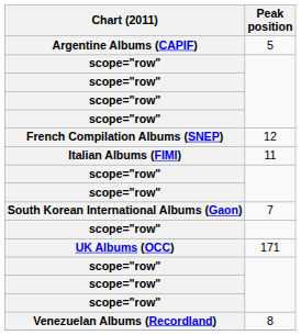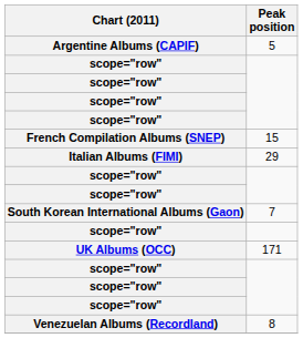 <table class="wikitable sortable plainrowheaders" style="text-align:center">
 <tr>
 <th scope="col">Chart (2011)</th>
 <th scope="col">Peak<br>position</th>
 </tr>
 <tr>
 <th scope="row">Argentine Albums (<a href='#'>CAPIF</a>)</th>
 <td style="text-align:center;">5</td>
 </tr>
 <tr>
 <th>scope="row"</th>
 </tr>
 <tr>
 <th>scope="row"</th>
 </tr>
 <tr>
 <th>scope="row"</th>
 </tr>
 <tr>
 <th>scope="row"</th>
 </tr>
 <tr>
 <th scope="row">French Compilation Albums (<a href='#'>SNEP</a>)</th>
-<td align="center">12</td>
+<td align="center">15</td>
 </tr>
 <tr>
 <th scope="row">Italian Albums (<a href='#'>FIMI</a>)</th>
-<td style="text-align:center;">11</td>
+<td style="text-align:center;">29</td>
 </tr>
 <tr>
 <th>scope="row"</th>
 </tr>
 <tr>
 <th>scope="row"</th>
 </tr>
 <tr>
 <th scope="row">South Korean International Albums (<a href='#'>Gaon</a>)</th>
 <td style="text-align:center;">7</td>
 </tr>
 <tr>
 <th>scope="row"</th>
 </tr>
 <tr>
 <th scope="row"><a href='#'>UK Albums</a> (<a href='#'>OCC</a>)</th>
 <td style="text-align:center;">171</td>
 </tr>
 <tr>
 <th>scope="row"</th>
 </tr>
 <tr>
 <th>scope="row"</th>
 </tr>
 <tr>
 <th>scope="row"</th>
 </tr>
 <tr>
 <th scope="row">Venezuelan Albums (<a href='#'>Recordland</a>)</th>
 <td align="center">8</td>
 </tr>
 <tr>
 </tr>
 </table>
